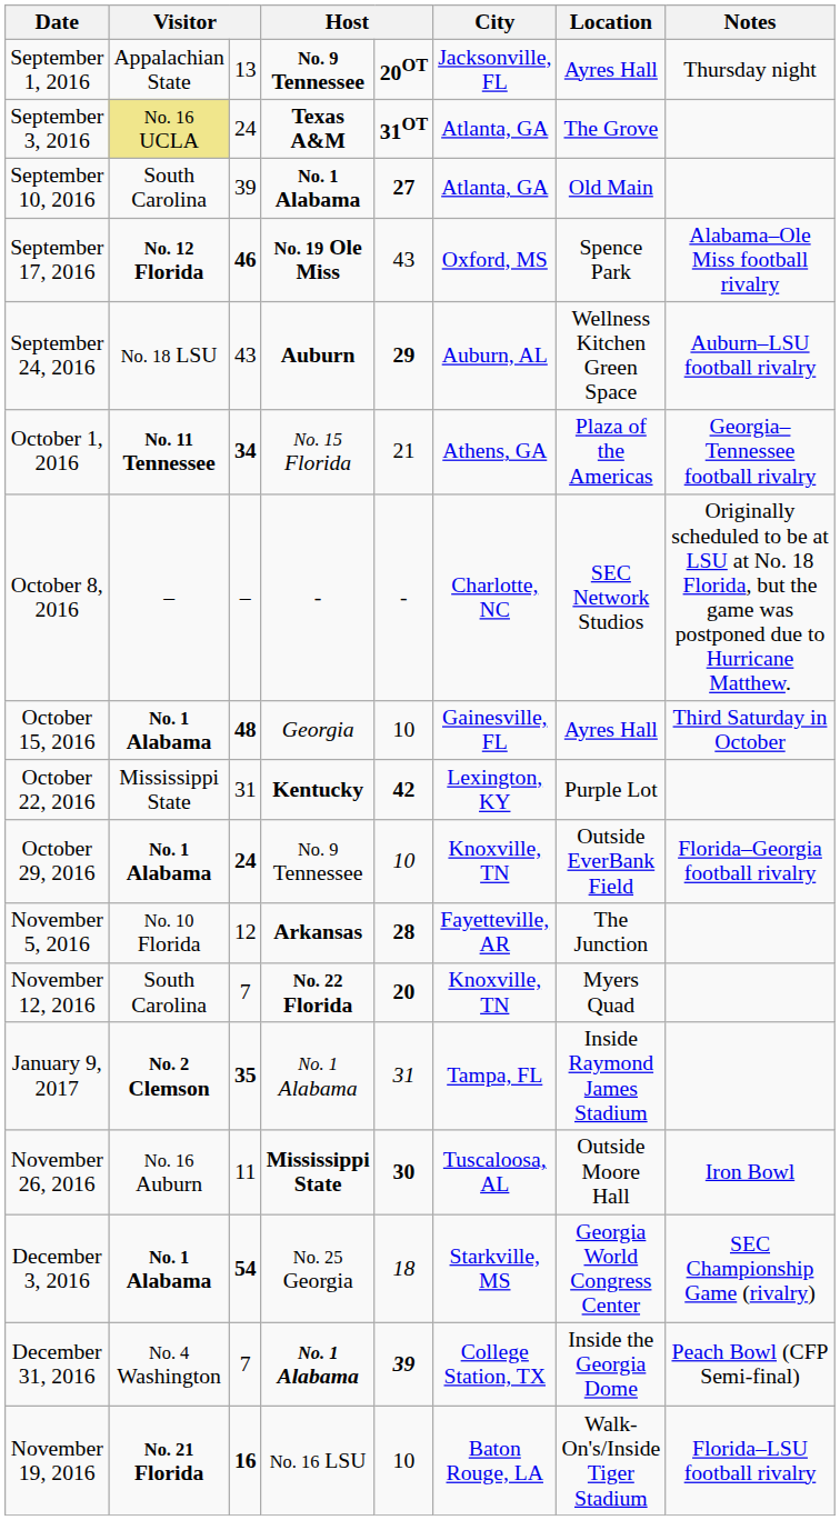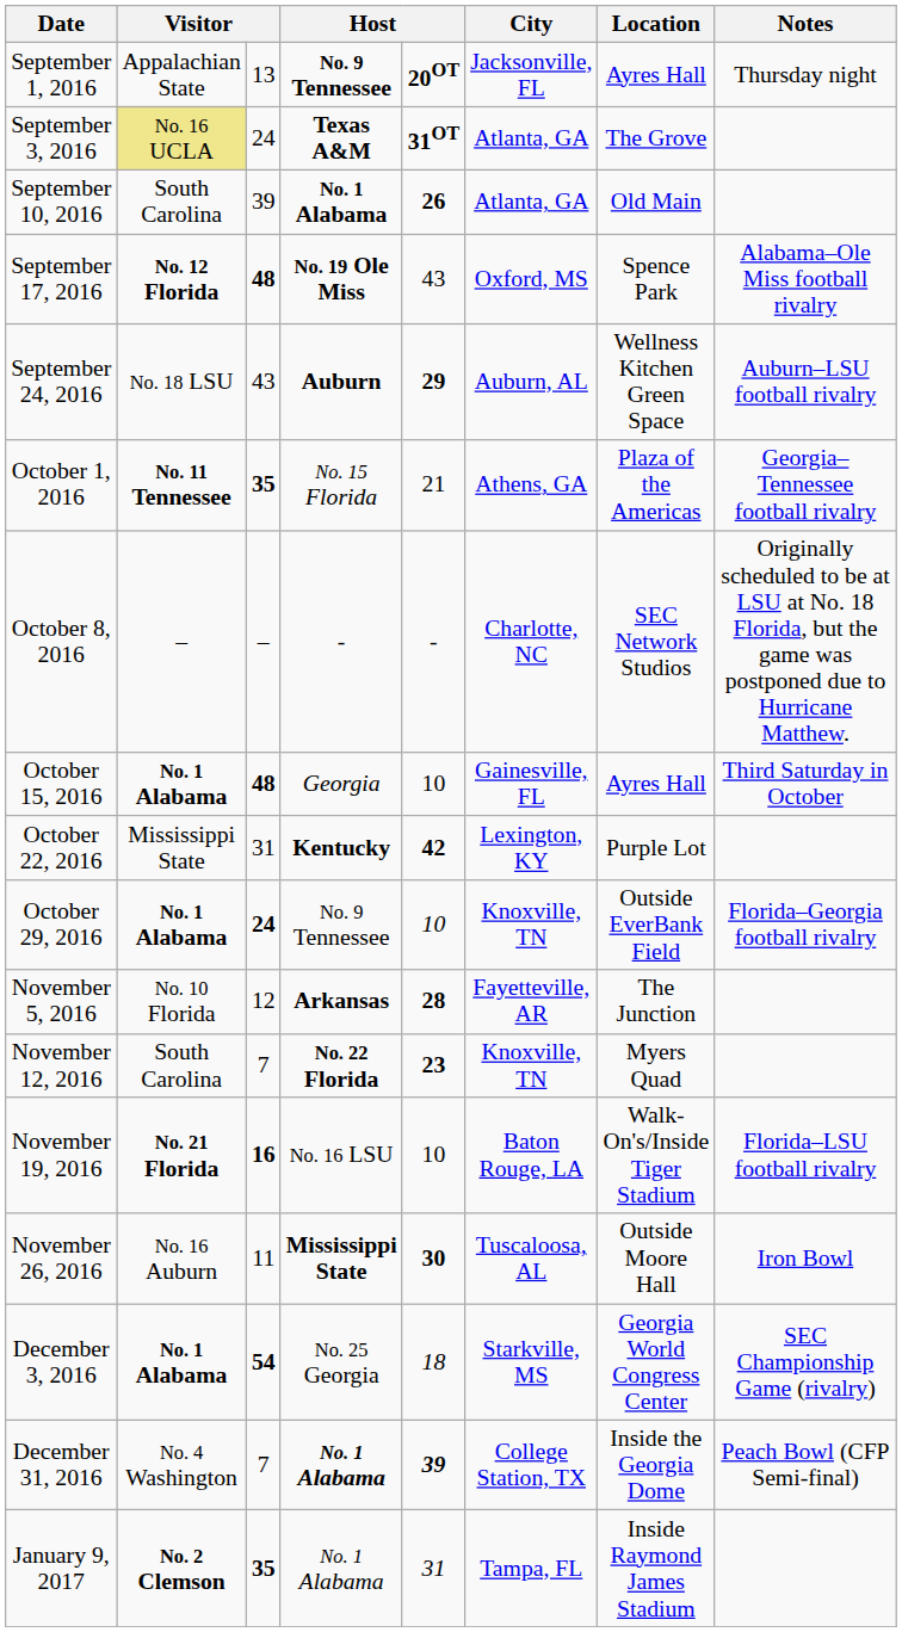 <table class="wikitable" style="text-align:center">
 <tr style="background:No. A32638;"|>
 <th>Date</th>
 <th colspan=2>Visitor</th>
 <th colspan=2>Host</th>
 <th>City</th>
 <th>Location</th>
 <th>Notes</th>
 </tr>
 <tr>
 <td>September 1, 2016</td>
 <td>Appalachian State</td>
 <td>13</td>
 <td><strong><small>No. 9</small> Tennessee</strong></td>
 <td><strong>20<sup>OT</sup></strong></td>
 <td><a href='#'>Jacksonville, FL</a></td>
 <td><a href='#'>Ayres Hall</a></td>
 <td>Thursday night</td>
 </tr>
 <tr>
 <td>September 3, 2016</td>
 <td style="background: khaki;"><small>No. 16</small> UCLA</td>
 <td>24</td>
 <td><strong>Texas A&M</strong></td>
 <td><strong>31<sup>OT</sup></strong></td>
 <td><a href='#'>Atlanta, GA</a></td>
 <td><a href='#'>The Grove</a></td>
 <td></td>
 </tr>
 <tr>
 <td>September 10, 2016</td>
 <td>South Carolina</td>
 <td>39</td>
 <td><strong><small>No. 1</small> Alabama</strong></td>
-<td><strong>27</strong></td>
+<td><strong>26</strong></td>
 <td><a href='#'>Atlanta, GA</a></td>
 <td><a href='#'>Old Main</a></td>
 <td></td>
 </tr>
 <tr>
 <td>September 17, 2016</td>
 <td><strong><small>No. 12</small> Florida</strong></td>
-<td><strong>46</strong></td>
+<td><strong>48</strong></td>
 <td><strong><small>No. 19</small> Ole Miss</strong></td>
 <td>43</td>
 <td><a href='#'>Oxford, MS</a></td>
 <td>Spence Park</td>
 <td><a href='#'>Alabama–Ole Miss football rivalry</a></td>
 </tr>
 <tr>
 <td>September 24, 2016</td>
 <td><small>No. 18</small> LSU</td>
 <td>43</td>
 <td><strong>Auburn</strong></td>
 <td><strong>29</strong></td>
 <td><a href='#'>Auburn, AL</a></td>
 <td>Wellness Kitchen Green Space</td>
 <td><a href='#'>Auburn–LSU football rivalry</a></td>
 </tr>
 <tr>
 <td>October 1, 2016</td>
 <td><strong><small>No. 11</small> Tennessee</strong></td>
-<td><strong>34</strong></td>
+<td><strong>35</strong></td>
 <td><em><small>No. 15</small> Florida</em></td>
 <td>21</td>
 <td><a href='#'>Athens, GA</a></td>
 <td><a href='#'>Plaza of the Americas</a></td>
 <td><a href='#'>Georgia–Tennessee football rivalry</a></td>
 </tr>
 <tr>
 <td>October 8, 2016</td>
 <td>–</td>
 <td>–</td>
 <td>-</td>
 <td>-</td>
 <td><a href='#'>Charlotte, NC</a></td>
 <td><a href='#'>SEC Network</a> Studios</td>
 <td style="width:250px">Originally scheduled to be at <a href='#'>LSU</a> at No. 18 <a href='#'>Florida</a>, but the game was postponed due to <a href='#'>Hurricane Matthew</a>.</td>
 </tr>
 <tr>
 <td>October 15, 2016</td>
 <td><strong><small>No. 1</small> Alabama</strong></td>
 <td><strong>48</strong></td>
 <td><em>Georgia</em></td>
 <td>10</td>
 <td><a href='#'>Gainesville, FL</a></td>
 <td><a href='#'>Ayres Hall</a></td>
 <td><a href='#'>Third Saturday in October</a></td>
 </tr>
 <tr>
 <td>October 22, 2016</td>
 <td>Mississippi State</td>
 <td>31</td>
 <td><strong>Kentucky</strong></td>
 <td><strong>42</strong></td>
 <td><a href='#'>Lexington, KY</a></td>
 <td>Purple Lot</td>
 <td></td>
 </tr>
 <tr>
 <td>October 29, 2016</td>
 <td><strong><small>No. 1</small> Alabama</strong></td>
 <td><strong>24</strong></td>
 <td><small>No. 9</small> Tennessee</td>
 <td><em>10</em></td>
 <td><a href='#'>Knoxville, TN</a></td>
 <td>Outside <a href='#'>EverBank Field</a></td>
 <td><a href='#'>Florida–Georgia football rivalry</a></td>
 </tr>
 <tr>
 <td>November 5, 2016</td>
 <td><small>No. 10</small> Florida</td>
 <td>12</td>
 <td><strong>Arkansas</strong></td>
 <td><strong>28</strong></td>
 <td><a href='#'>Fayetteville, AR</a></td>
 <td>The Junction</td>
 <td></td>
 </tr>
 <tr>
 <td>November 12, 2016</td>
 <td>South Carolina</td>
 <td>7</td>
 <td><strong><small>No. 22</small> Florida</strong></td>
-<td><strong>20</strong></td>
+<td><strong>23</strong></td>
 <td><a href='#'>Knoxville, TN</a></td>
 <td>Myers Quad</td>
 <td></td>
 </tr>
 <tr>
-<td>January 9, 2017</td>
-<td><strong><small>No. 2</small> Clemson</strong></td>
-<td><strong>35</strong></td>
-<td><em><small>No. 1</small> Alabama</em></td>
-<td><em>31</em></td>
-<td><a href='#'>Tampa, FL</a></td>
-<td>Inside <a href='#'>Raymond James Stadium</a></td>
-<td></td>
+<td>November 19, 2016</td>
+<td><strong><small>No. 21</small> Florida</strong></td>
+<td><strong>16</strong></td>
+<td><small>No. 16</small> LSU</td>
+<td>10</td>
+<td><a href='#'>Baton Rouge, LA</a></td>
+<td>Walk-On's/Inside <a href='#'>Tiger Stadium</a></td>
+<td><a href='#'>Florida–LSU football rivalry</a></td>
 </tr>
 <tr>
 <td>November 26, 2016</td>
 <td><small>No. 16</small> Auburn</td>
 <td>11</td>
 <td><strong>Mississippi State</strong></td>
 <td><strong>30</strong></td>
 <td><a href='#'>Tuscaloosa, AL</a></td>
 <td>Outside Moore Hall</td>
 <td><a href='#'>Iron Bowl</a></td>
 </tr>
 <tr>
 <td>December 3, 2016</td>
 <td><strong><small>No. 1</small> Alabama</strong></td>
 <td><strong>54</strong></td>
 <td><small>No. 25</small> Georgia</td>
 <td><em>18</em></td>
 <td><a href='#'>Starkville, MS</a></td>
 <td><a href='#'>Georgia World Congress Center</a></td>
 <td><a href='#'>SEC Championship Game</a> (<a href='#'>rivalry</a>)</td>
 </tr>
 <tr>
 <td>December 31, 2016</td>
 <td><small>No. 4</small> Washington</td>
 <td>7</td>
 <td><strong><em><small>No. 1</small> Alabama</em></strong></td>
 <td><strong><em>39</em></strong></td>
 <td><a href='#'>College Station, TX</a></td>
 <td>Inside the <a href='#'>Georgia Dome</a></td>
 <td><a href='#'>Peach Bowl</a> (CFP Semi-final)</td>
 </tr>
 <tr>
-<td>November 19, 2016</td>
-<td><strong><small>No. 21</small> Florida</strong></td>
-<td><strong>16</strong></td>
-<td><small>No. 16</small> LSU</td>
-<td>10</td>
-<td><a href='#'>Baton Rouge, LA</a></td>
-<td>Walk-On's/Inside <a href='#'>Tiger Stadium</a></td>
-<td><a href='#'>Florida–LSU football rivalry</a></td>
+<td>January 9, 2017</td>
+<td><strong><small>No. 2</small> Clemson</strong></td>
+<td><strong>35</strong></td>
+<td><em><small>No. 1</small> Alabama</em></td>
+<td><em>31</em></td>
+<td><a href='#'>Tampa, FL</a></td>
+<td>Inside <a href='#'>Raymond James Stadium</a></td>
+<td></td>
 </tr>
 </table>
